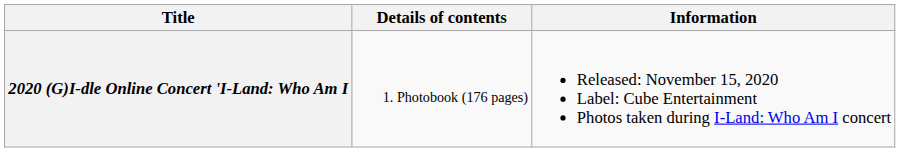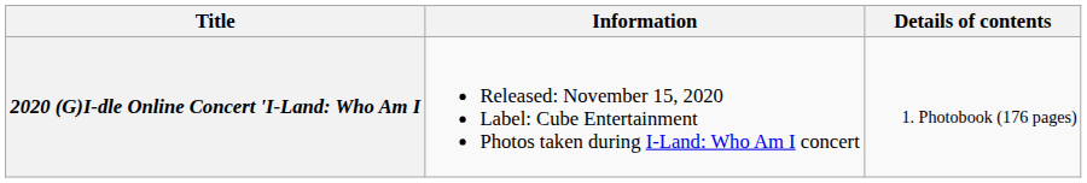 <table class="wikitable">
 <tr>
 <th scope="col">Title</th>
+<th>Information</th>
 <th>Details of contents</th>
-<th>Information</th>
 </tr>
 <tr>
 <th><em>2020 (G)I-dle Online Concert 'I-Land: Who Am I<strong></th>
+<td><br><ul><li>Released: November 15, 2020</li><li>Label: Cube Entertainment</li><li>Photos taken during <a href='#'>I-Land: Who Am I</a> concert</li></ul></td>
 <td style="font-size: 85%"><br><ol><li>Photobook (176 pages)</li></ol></td>
-<td><br><ul><li>Released: November 15, 2020</li><li>Label: Cube Entertainment</li><li>Photos taken during <a href='#'>I-Land: Who Am I</a> concert</li></ul></td>
 </tr>
 </table>
